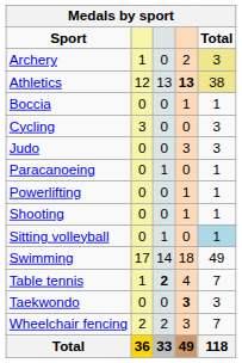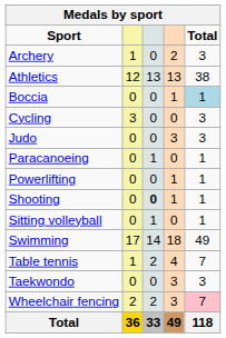 <table class="wikitable" style="font-size:85%; float:right; text-align:center">
 <tr style="background:#efefef;">
 <th colspan=7>Medals by sport</th>
 </tr>
 <tr>
 <td><strong>Sport</strong></td>
 <td style="background:#f7f6a8;"></td>
 <td style="background:#dce5e5;"></td>
 <td style="background:#ffdab9;"></td>
 <td><strong>Total</strong></td>
 </tr>
 <tr>
 <td align=left><a href='#'>Archery</a></td>
 <td style="background:#f7f6a8;">1</td>
 <td style="background:#dce5e5;">0</td>
 <td style="background:#ffdab9;">2</td>
-<td style="background: khaki;">3</td>
+<td>3</td>
 </tr>
 <tr>
 <td align=left><a href='#'>Athletics</a></td>
 <td style="background:#f7f6a8;">12</td>
 <td style="background:#dce5e5;">13</td>
-<td style="background:#ffdab9;"><strong>13</strong></td>
-<td style="background: khaki;">38</td>
+<td style="background:#ffdab9;">13</td>
+<td>38</td>
 </tr>
 <tr>
 <td align=left><a href='#'>Boccia</a></td>
 <td style="background:#f7f6a8;">0</td>
 <td style="background:#dce5e5;">0</td>
 <td style="background:#ffdab9;">1</td>
-<td>1</td>
+<td style="background: lightblue;">1</td>
 </tr>
 <tr>
 <td align=left><a href='#'>Cycling</a></td>
 <td style="background:#f7f6a8;">3</td>
 <td style="background:#dce5e5;">0</td>
 <td style="background:#ffdab9;">0</td>
 <td>3</td>
 </tr>
 <tr>
 <td align=left><a href='#'>Judo</a></td>
 <td style="background:#f7f6a8;">0</td>
 <td style="background:#dce5e5;">0</td>
 <td style="background:#ffdab9;">3</td>
 <td>3</td>
 </tr>
 <tr>
 <td align=left><a href='#'>Paracanoeing</a></td>
 <td style="background:#f7f6a8;">0</td>
 <td style="background:#dce5e5;">1</td>
 <td style="background:#ffdab9;">0</td>
 <td>1</td>
 </tr>
 <tr>
 <td align=left><a href='#'>Powerlifting</a></td>
 <td style="background:#f7f6a8;">0</td>
 <td style="background:#dce5e5;">0</td>
 <td style="background:#ffdab9;">1</td>
 <td>1</td>
 </tr>
 <tr>
 <td align=left><a href='#'>Shooting</a></td>
 <td style="background:#f7f6a8;">0</td>
-<td style="background:#dce5e5;">0</td>
+<td style="background:#dce5e5;"><strong>0</strong></td>
 <td style="background:#ffdab9;">1</td>
 <td>1</td>
 </tr>
 <tr>
 <td align=left><a href='#'>Sitting volleyball</a></td>
 <td style="background:#f7f6a8;">0</td>
 <td style="background:#dce5e5;">1</td>
 <td style="background:#ffdab9;">0</td>
-<td style="background: lightblue;">1</td>
+<td>1</td>
 </tr>
 <tr>
 <td align=left><a href='#'>Swimming</a></td>
 <td style="background:#f7f6a8;">17</td>
 <td style="background:#dce5e5;">14</td>
 <td style="background:#ffdab9;">18</td>
 <td>49</td>
 </tr>
 <tr>
 <td align=left><a href='#'>Table tennis</a></td>
 <td style="background:#f7f6a8;">1</td>
-<td style="background:#dce5e5;"><strong>2</strong></td>
+<td style="background:#dce5e5;">2</td>
 <td style="background:#ffdab9;">4</td>
 <td>7</td>
 </tr>
 <tr>
 <td align=left><a href='#'>Taekwondo</a></td>
 <td style="background:#f7f6a8;">0</td>
 <td style="background:#dce5e5;">0</td>
-<td style="background:#ffdab9;"><strong>3</strong></td>
+<td style="background:#ffdab9;">3</td>
 <td>3</td>
 </tr>
 <tr>
 <td align=left><a href='#'>Wheelchair fencing</a></td>
 <td style="background:#f7f6a8;">2</td>
 <td style="background:#dce5e5;">2</td>
 <td style="background:#ffdab9;">3</td>
-<td>7</td>
+<td style="background: pink;">7</td>
 </tr>
 <tr>
 <th>Total</th>
 <th style="background:gold;">36</th>
 <th style="background:silver;">33</th>
 <th style="background:#c96;">49</th>
 <th>118</th>
 </tr>
 </table>
